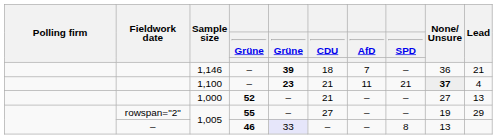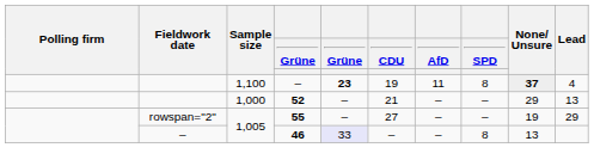 <table class="wikitable sortable" style="text-align:center;font-size:90%;line-height:14px;">
 <tr style="height:40px;">
 <th style="width:155px;" rowspan="3">Polling firm</th>
 <th style="width:100px;" rowspan="3">Fieldwork date</th>
 <th style="width:35px;" rowspan="3">Sample<br>size</th>
 <th class="unsortable" style="width:50px;"></th>
 <th class="unsortable" style="width:50px;"></th>
 <th class="unsortable" style="width:50px;"></th>
 <th class="unsortable" style="width:50px;"></th>
 <th class="unsortable" style="width:50px;"></th>
 <th class="unsortable" style="width:50px;" rowspan="3">None/<br>Unsure</th>
 <th style="width:30px;" rowspan="3">Lead</th>
 </tr>
 <tr>
 <th class="unsortable" style="width:50px;"><hr><a href='#'>Grüne</a></th>
 <th class="unsortable" style="width:50px;"><hr><a href='#'>Grüne</a></th>
 <th class="unsortable" style="width:50px;"><hr><a href='#'>CDU</a></th>
 <th class="unsortable" style="width:50px;"><hr><a href='#'>AfD</a></th>
 <th class="unsortable" style="width:50px;"><hr><a href='#'>SPD</a></th>
 </tr>
 <tr>
 <th style="background:"></th>
 <th style="background:"></th>
 <th style="background:"></th>
 <th style="background:"></th>
 <th style="background:"></th>
 </tr>
 <tr>
 <td></td>
 <td></td>
-<td>1,146</td>
-<td>–</td>
-<td><strong>39</strong></td>
-<td>18</td>
-<td>7</td>
-<td>–</td>
-<td>36</td>
-<td style="background:">21</td>
-</tr>
-<tr>
-<td></td>
-<td></td>
 <td>1,100</td>
 <td>–</td>
 <td><strong>23</strong></td>
-<td>21</td>
+<td>19</td>
 <td>11</td>
-<td>21</td>
+<td>8</td>
 <td style="background:#EEEEEE;"><strong>37</strong></td>
 <td style="background:">4</td>
 </tr>
 <tr>
 <td></td>
 <td></td>
 <td>1,000</td>
 <td><strong>52</strong></td>
 <td>–</td>
 <td>21</td>
 <td>–</td>
 <td>–</td>
-<td>27</td>
+<td>29</td>
 <td style="background:">13</td>
 </tr>
 <tr>
 <td rowspan="2"></td>
 <td>rowspan="2" </td>
 <td rowspan="2">1,005</td>
 <td><strong>55</strong></td>
 <td>–</td>
 <td>27</td>
 <td>–</td>
 <td>–</td>
 <td>19</td>
 <td style="background:">29</td>
 </tr>
 <tr>
 <td>–</td>
 <td><strong>46</strong></td>
 <td style="background: lavender;">33</td>
 <td>–</td>
 <td>–</td>
 <td>8</td>
 <td style="background:">13</td>
 </tr>
 </table>
